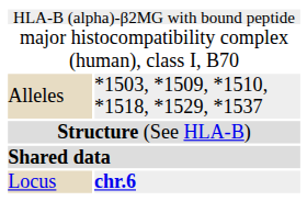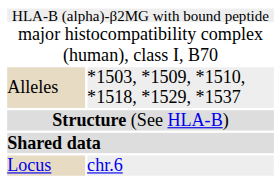 <table id="drugInfoBox" style="float: right; clear: right; margin: 0 0 0.5em 1em; background: #ffffff;" class="toccolours" border=0 cellpadding=0 align="right" width="240px">
 <tr align="center">
 <td colspan="3"></td>
 </tr>
 <tr style="text-align: center; line-height: 0.75;background:#eeeeee">
 <td colspan="3" color="white"><small>HLA-B (alpha)-β2MG with bound peptide</small></td>
 </tr>
 <tr>
 <td align="center" colspan="3"><div>major histocompatibility complex (human), class I, B70</div></td>
 </tr>
 <tr>
 <td bgcolor="#e7dcc3">Alleles</td>
 <td colspan = 2  bgcolor="#eeeeee">*1503, *1509, *1510,<br> *1518, *1529, *1537</td>
 </tr>
 <tr align="center">
 <td colspan="3" bgcolor="#dddddd"><strong>Structure</strong> (See <a href='#'>HLA-B</a>)</td>
 </tr>
 <tr>
 <td colspan="2" bgcolor="#dddddd"><strong>Shared data</strong></td>
 </tr>
 <tr>
 <td bgcolor="#e7dcc3"><a href='#'>Locus</a></td>
-<td bgcolor="#eeeeee"><strong><a href='#'>chr.6</a> <em></em></strong></td>
+<td bgcolor="#eeeeee"><a href='#'>chr.6</a> <em></em></td>
 </tr>
 </table>
